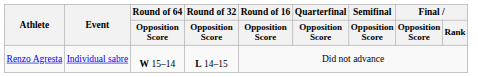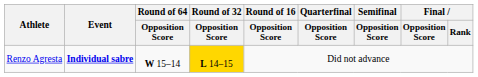 <table class="wikitable" style="font-size:90%">
 <tr>
 <th rowspan="2">Athlete</th>
 <th rowspan="2">Event</th>
 <th>Round of 64</th>
 <th>Round of 32</th>
 <th>Round of 16</th>
 <th>Quarterfinal</th>
 <th>Semifinal</th>
 <th colspan=2>Final / </th>
 </tr>
 <tr style="font-size:95%">
 <th>Opposition <br> Score</th>
 <th>Opposition <br> Score</th>
 <th>Opposition <br> Score</th>
 <th>Opposition <br> Score</th>
 <th>Opposition <br> Score</th>
 <th>Opposition <br> Score</th>
 <th>Rank</th>
 </tr>
 <tr align=center>
 <td align=left><a href='#'>Renzo Agresta</a></td>
-<td align=left><a href='#'>Individual sabre</a></td>
+<td align=left><strong><a href='#'>Individual sabre</a></strong></td>
 <td><br><strong>W</strong> 15–14</td>
-<td><br><strong>L</strong> 14–15</td>
+<td style="background: gold;"><br><strong>L</strong> 14–15</td>
 <td colspan=5>Did not advance</td>
 </tr>
 </table>
